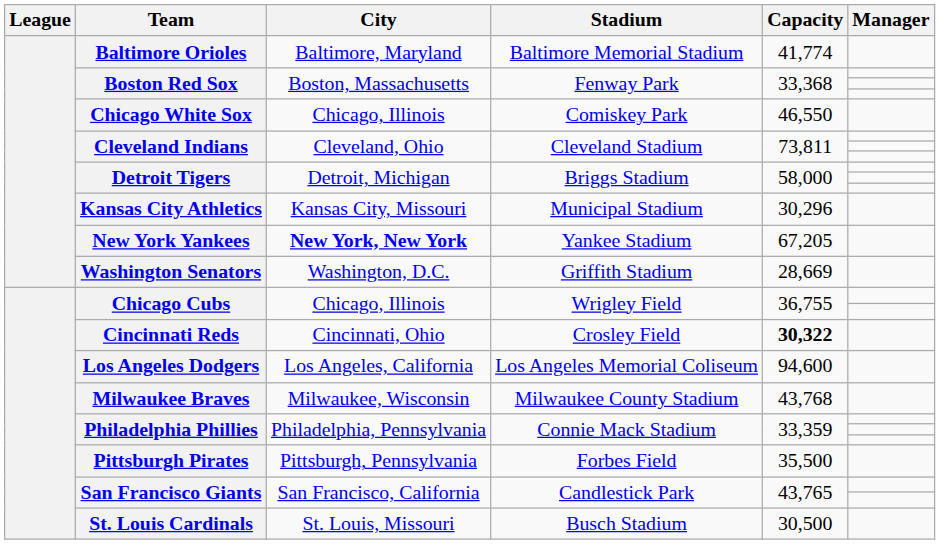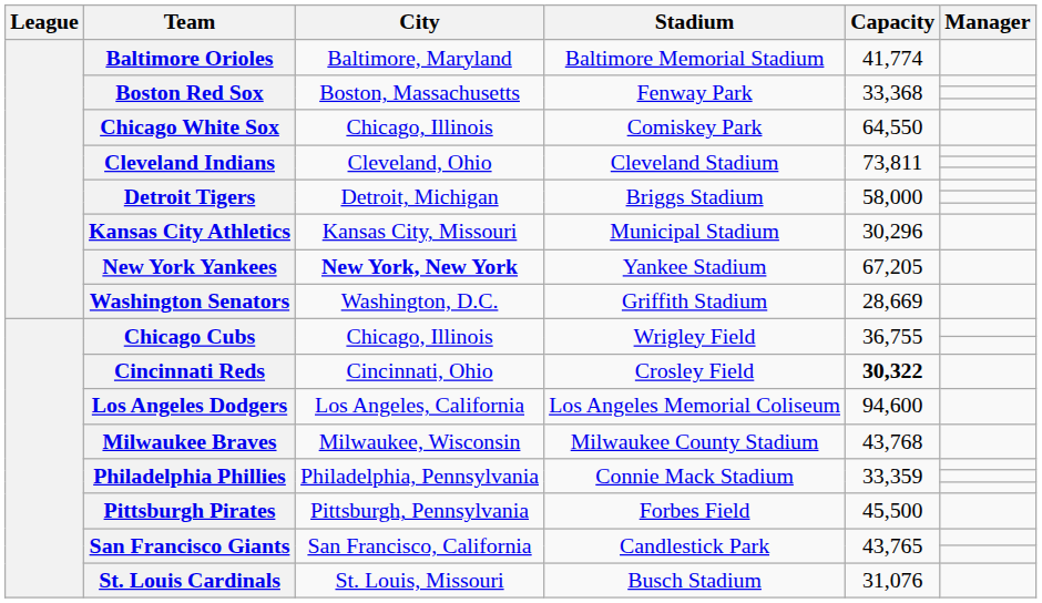 <table class="wikitable sortable plainrowheaders" style="text-align:center;">
 <tr>
 <th scope="col">League</th>
 <th scope="col">Team</th>
 <th scope="col">City</th>
 <th scope="col">Stadium</th>
 <th scope="col">Capacity</th>
 <th scope="col">Manager</th>
 </tr>
 <tr>
 <th rowspan="14"></th>
 <th scope="row"><a href='#'>Baltimore Orioles</a></th>
 <td><a href='#'>Baltimore, Maryland</a></td>
 <td><a href='#'>Baltimore Memorial Stadium</a></td>
 <td>41,774</td>
 <td></td>
 </tr>
 <tr>
 <th rowspan="3" scope="row"><a href='#'>Boston Red Sox</a></th>
 <td rowspan="3"><a href='#'>Boston, Massachusetts</a></td>
 <td rowspan="3"><a href='#'>Fenway Park</a></td>
 <td rowspan="3">33,368</td>
 <td></td>
 </tr>
 <tr>
 <td></td>
 </tr>
 <tr>
 <td></td>
 </tr>
 <tr>
 <th scope="row"><a href='#'>Chicago White Sox</a></th>
 <td><a href='#'>Chicago, Illinois</a></td>
 <td><a href='#'>Comiskey Park</a></td>
-<td>46,550</td>
+<td>64,550</td>
 <td></td>
 </tr>
 <tr>
 <th rowspan="3" scope="row"><a href='#'>Cleveland Indians</a></th>
 <td rowspan="3"><a href='#'>Cleveland, Ohio</a></td>
 <td rowspan="3"><a href='#'>Cleveland Stadium</a></td>
 <td rowspan="3">73,811</td>
 <td></td>
 </tr>
 <tr>
 <td></td>
 </tr>
 <tr>
 <td></td>
 </tr>
 <tr>
 <th rowspan="3" scope="row"><a href='#'>Detroit Tigers</a></th>
 <td rowspan="3"><a href='#'>Detroit, Michigan</a></td>
 <td rowspan="3"><a href='#'>Briggs Stadium</a></td>
 <td rowspan="3">58,000</td>
 <td></td>
 </tr>
 <tr>
 <td></td>
 </tr>
 <tr>
 <td></td>
 </tr>
 <tr>
 <th scope="row"><a href='#'>Kansas City Athletics</a></th>
 <td><a href='#'>Kansas City, Missouri</a></td>
 <td><a href='#'>Municipal Stadium</a></td>
 <td>30,296</td>
 <td></td>
 </tr>
 <tr>
 <th scope="row"><a href='#'>New York Yankees</a></th>
 <td><strong><a href='#'>New York, New York</a></strong></td>
 <td><a href='#'>Yankee Stadium</a></td>
 <td>67,205</td>
 <td></td>
 </tr>
 <tr>
 <th scope="row"><a href='#'>Washington Senators</a></th>
 <td><a href='#'>Washington, D.C.</a></td>
 <td><a href='#'>Griffith Stadium</a></td>
 <td>28,669</td>
 <td></td>
 </tr>
 <tr>
 <th rowspan="12"></th>
 <th rowspan="2" scope="row"><a href='#'>Chicago Cubs</a></th>
 <td rowspan="2"><a href='#'>Chicago, Illinois</a></td>
 <td rowspan="2"><a href='#'>Wrigley Field</a></td>
 <td rowspan="2">36,755</td>
 <td></td>
 </tr>
 <tr>
 <td></td>
 </tr>
 <tr>
 <th scope="row"><a href='#'>Cincinnati Reds</a></th>
 <td><a href='#'>Cincinnati, Ohio</a></td>
 <td><a href='#'>Crosley Field</a></td>
 <td><strong>30,322</strong></td>
 <td></td>
 </tr>
 <tr>
 <th scope="row"><a href='#'>Los Angeles Dodgers</a></th>
 <td><a href='#'>Los Angeles, California</a></td>
 <td><a href='#'>Los Angeles Memorial Coliseum</a></td>
 <td>94,600</td>
 <td></td>
 </tr>
 <tr>
 <th scope="row"><a href='#'>Milwaukee Braves</a></th>
 <td><a href='#'>Milwaukee, Wisconsin</a></td>
 <td><a href='#'>Milwaukee County Stadium</a></td>
 <td>43,768</td>
 <td></td>
 </tr>
 <tr>
 <th rowspan="3" scope="row"><a href='#'>Philadelphia Phillies</a></th>
 <td rowspan="3"><a href='#'>Philadelphia, Pennsylvania</a></td>
 <td rowspan="3"><a href='#'>Connie Mack Stadium</a></td>
 <td rowspan="3">33,359</td>
 <td></td>
 </tr>
 <tr>
 <td></td>
 </tr>
 <tr>
 <td></td>
 </tr>
 <tr>
 <th scope="row"><a href='#'>Pittsburgh Pirates</a></th>
 <td><a href='#'>Pittsburgh, Pennsylvania</a></td>
 <td><a href='#'>Forbes Field</a></td>
-<td>35,500</td>
+<td>45,500</td>
 <td></td>
 </tr>
 <tr>
 <th rowspan="2" scope="row"><a href='#'>San Francisco Giants</a></th>
 <td rowspan="2"><a href='#'>San Francisco, California</a></td>
 <td rowspan="2"><a href='#'>Candlestick Park</a></td>
 <td rowspan="2">43,765</td>
 <td></td>
 </tr>
 <tr>
 <td></td>
 </tr>
 <tr>
 <th scope="row"><a href='#'>St. Louis Cardinals</a></th>
 <td><a href='#'>St. Louis, Missouri</a></td>
 <td><a href='#'>Busch Stadium</a></td>
-<td>30,500</td>
+<td>31,076</td>
 <td></td>
 </tr>
 </table>
